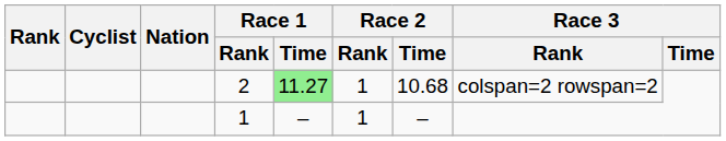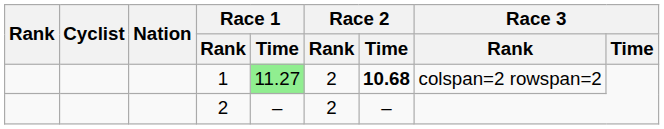 <table class="wikitable sortable" style="text-align:center">
 <tr>
 <th rowspan=2>Rank</th>
 <th rowspan=2>Cyclist</th>
 <th rowspan=2>Nation</th>
 <th colspan=2>Race 1</th>
 <th colspan=2>Race 2</th>
 <th colspan=2>Race 3</th>
 </tr>
 <tr>
 <th>Rank</th>
 <th>Time</th>
 <th>Rank</th>
 <th>Time</th>
 <th>Rank</th>
 <th>Time</th>
 </tr>
 <tr>
 <td></td>
 <td align=left></td>
 <td align=left></td>
+<td>1</td>
+<td style="background: lightgreen;">11.27</td>
 <td>2</td>
-<td style="background: lightgreen;">11.27</td>
-<td>1</td>
-<td>10.68</td>
+<td><strong>10.68</strong></td>
 <td>colspan=2 rowspan=2 </td>
 </tr>
 <tr>
 <td></td>
 <td align=left></td>
 <td align=left></td>
-<td>1</td>
+<td>2</td>
 <td>–</td>
-<td>1</td>
+<td>2</td>
 <td>–</td>
 </tr>
 </table>
